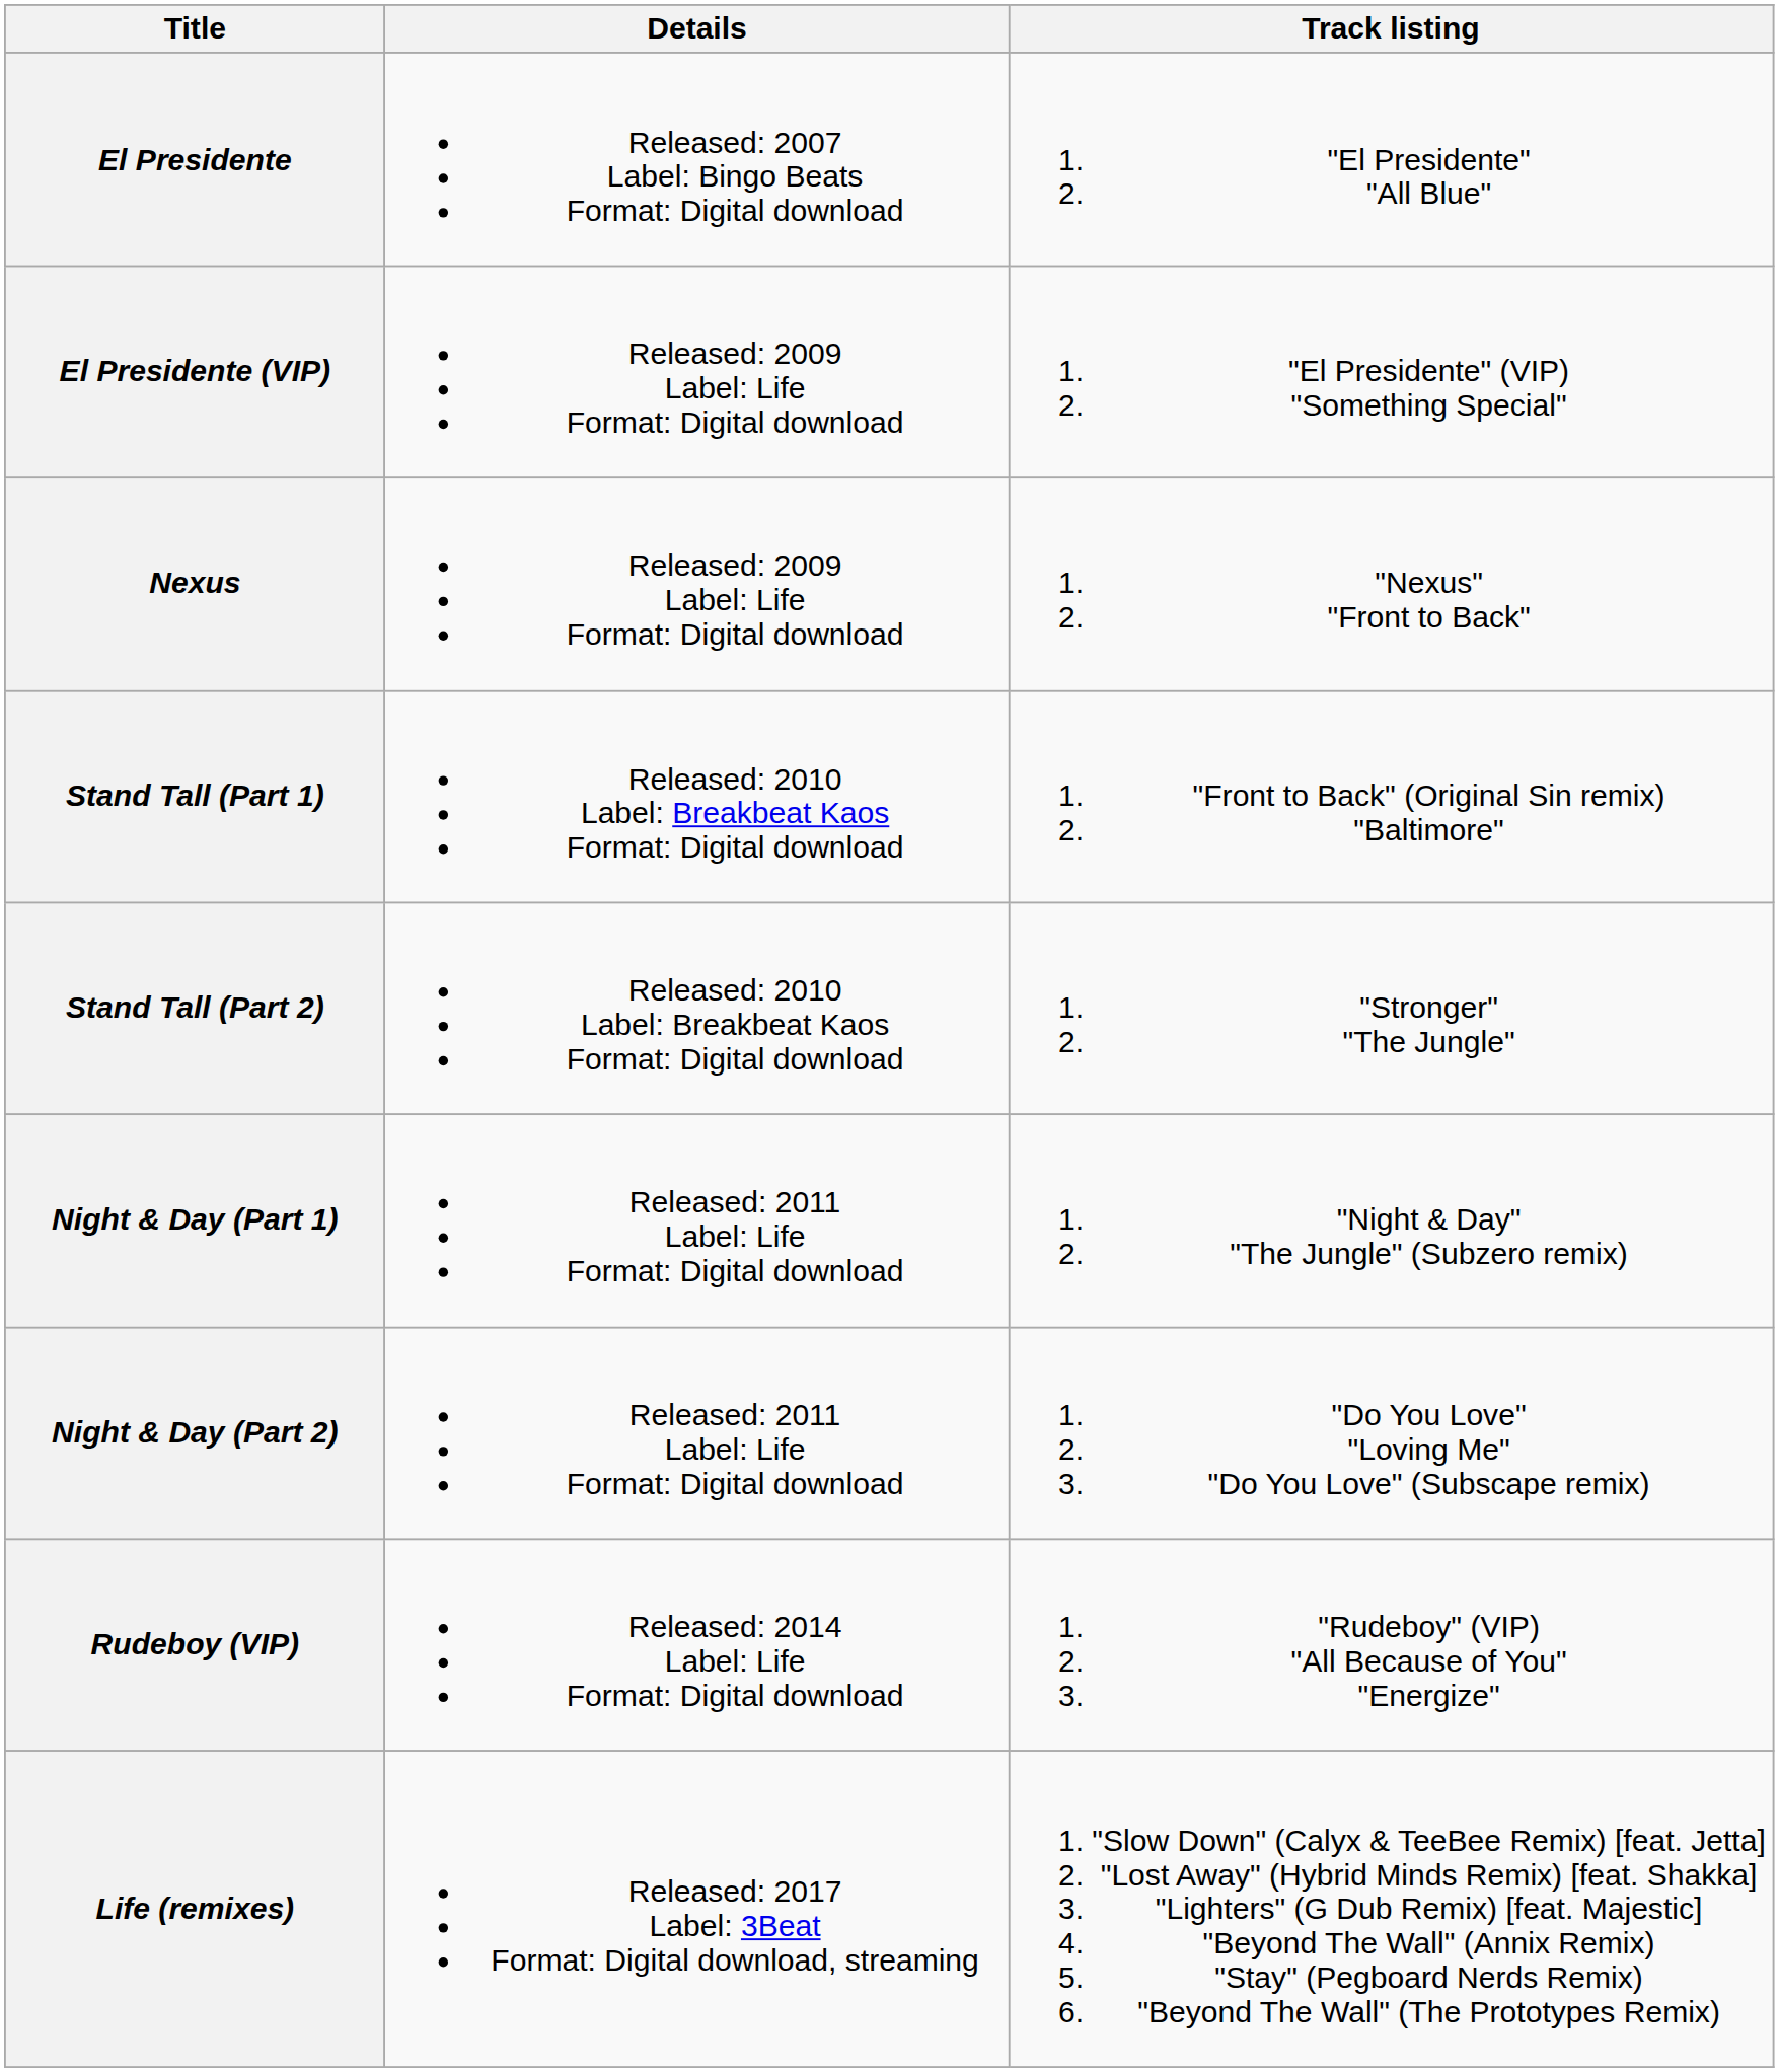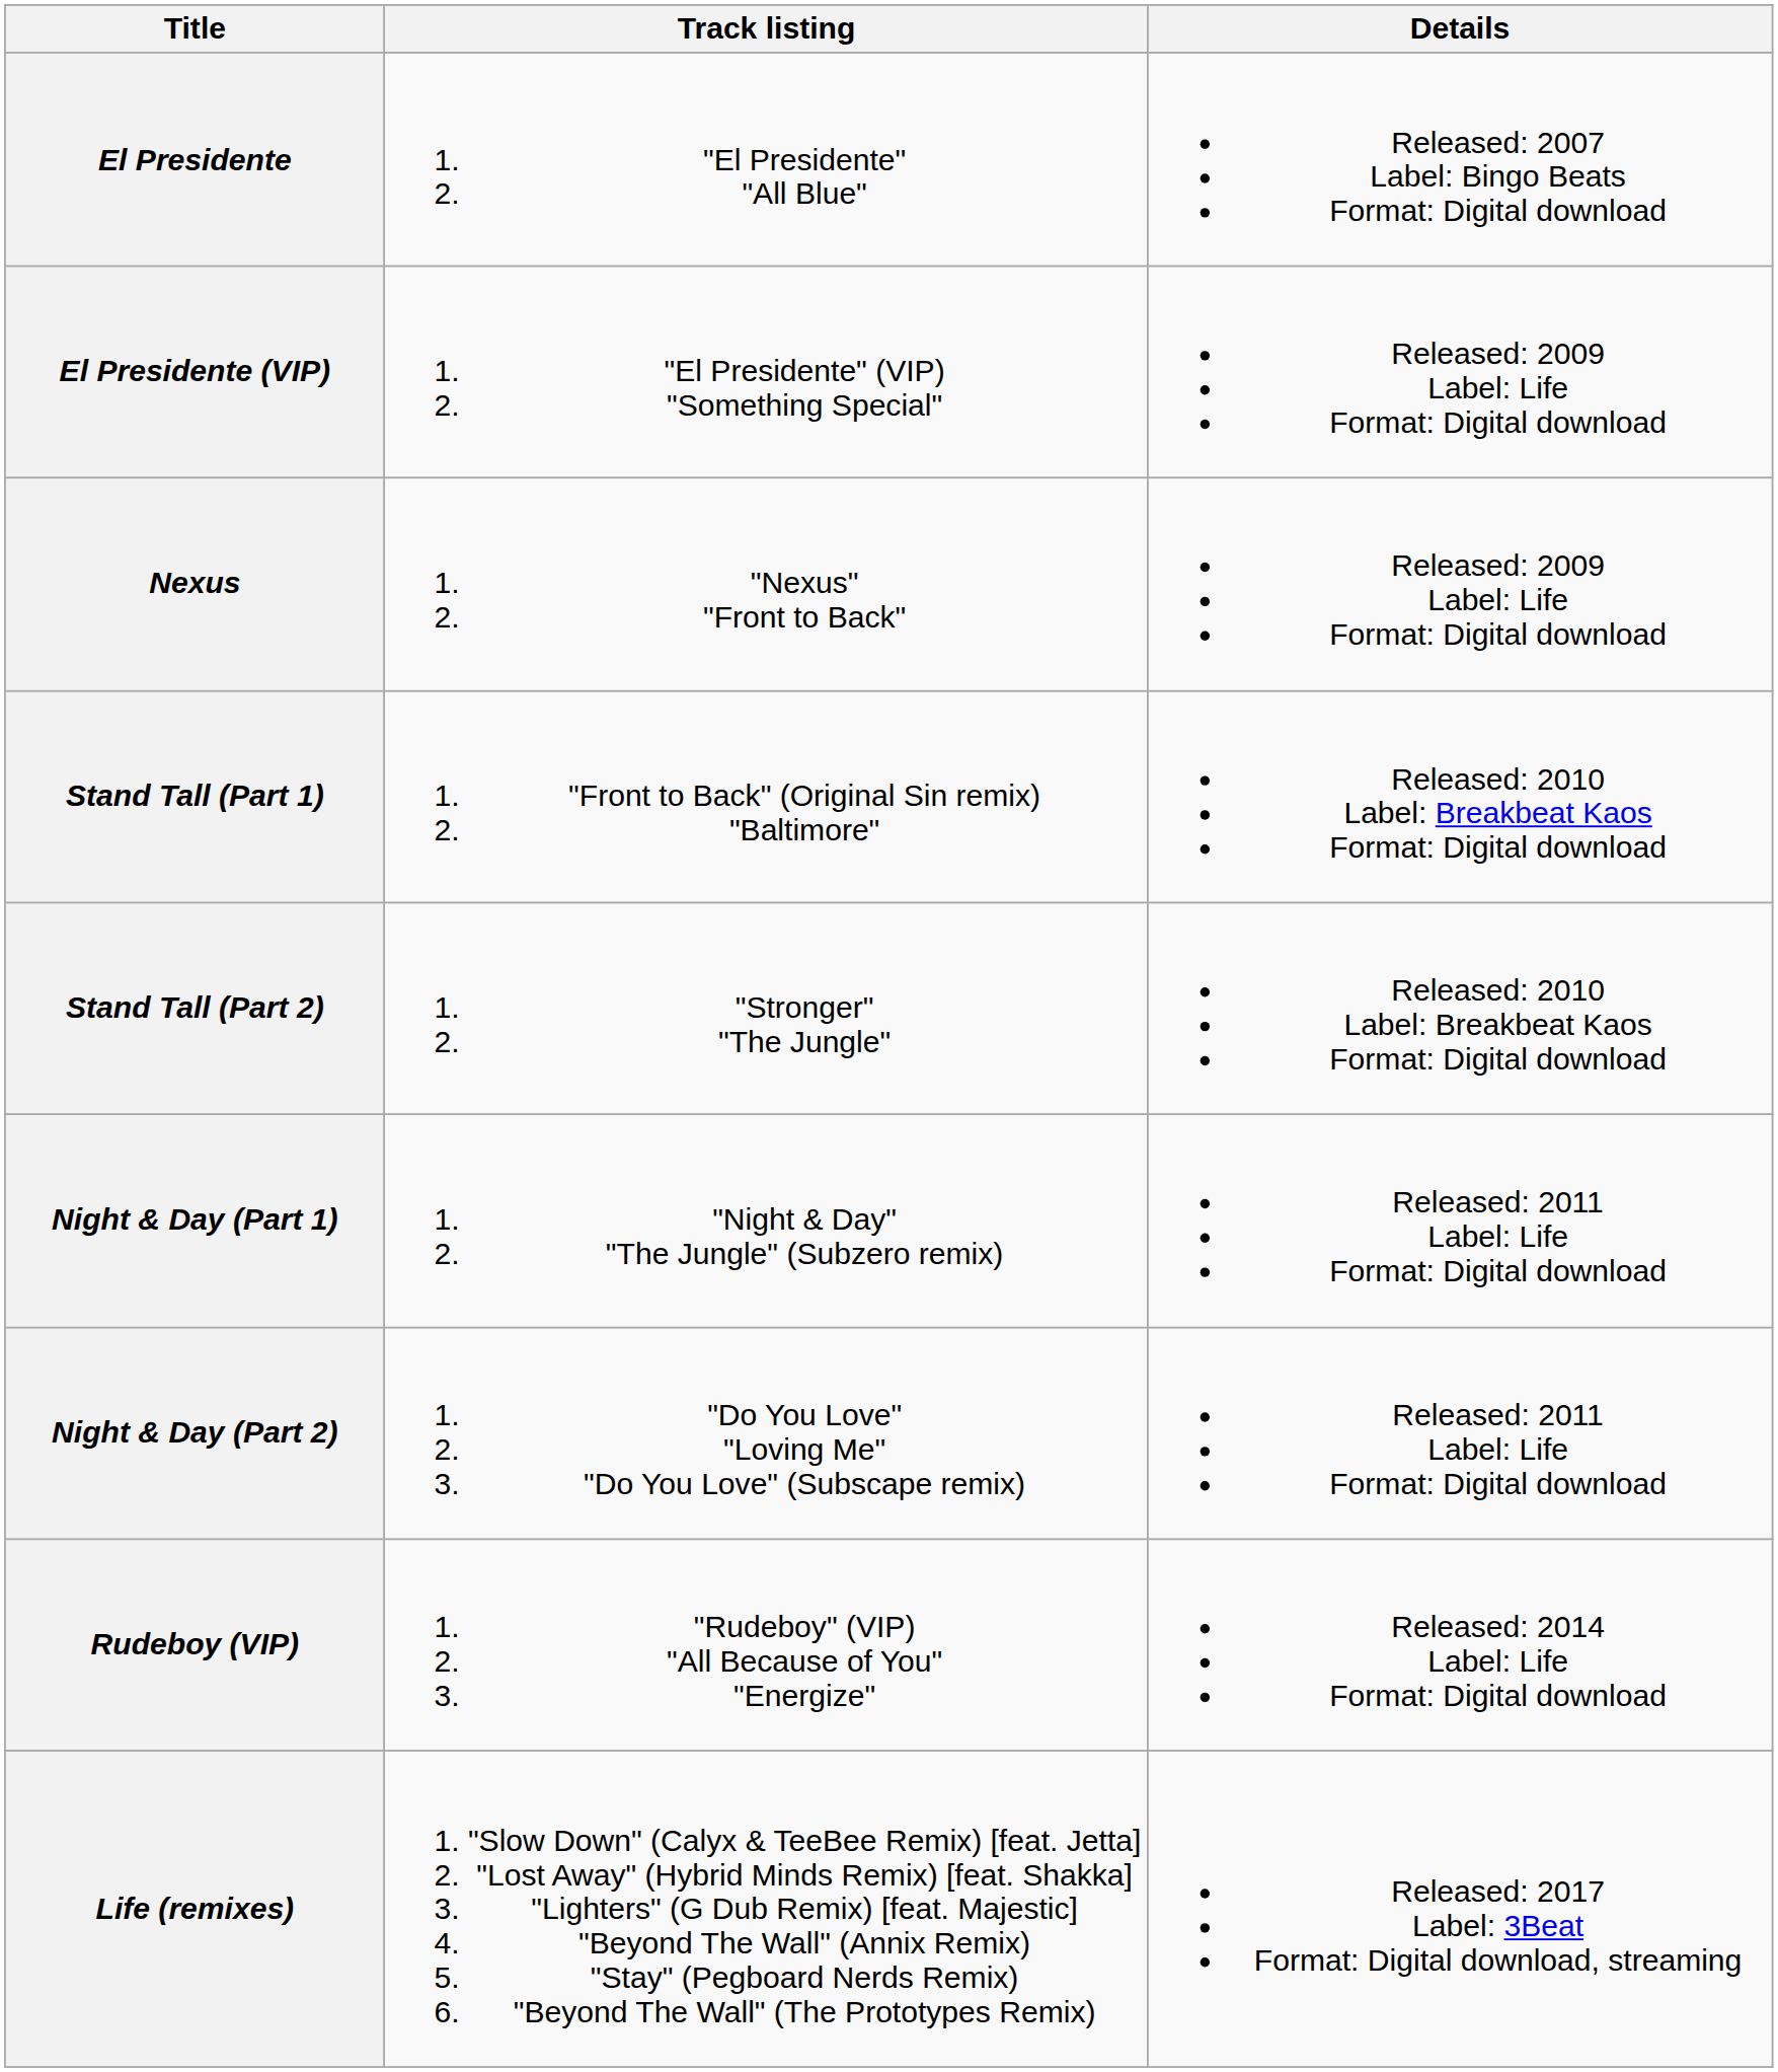 <table class="wikitable plainrowheaders" style="text-align:center;">
 <tr>
 <th scope="col" style="width:12em;">Title</th>
+<th scope="col">Track listing</th>
 <th scope="col" style="width:20em;">Details</th>
-<th scope="col">Track listing</th>
 </tr>
 <tr>
 <th scope="row"><em>El Presidente</em></th>
+<td><br><ol><li>"El Presidente"</li><li>"All Blue"</li></ol></td>
 <td><br><ul><li>Released: 2007</li><li>Label: Bingo Beats</li><li>Format: Digital download</li></ul></td>
-<td><br><ol><li>"El Presidente"</li><li>"All Blue"</li></ol></td>
 </tr>
 <tr>
 <th scope="row"><em>El Presidente (VIP)</em></th>
+<td><br><ol><li>"El Presidente" (VIP)</li><li>"Something Special"</li></ol></td>
 <td><br><ul><li>Released: 2009</li><li>Label: Life</li><li>Format: Digital download</li></ul></td>
-<td><br><ol><li>"El Presidente" (VIP)</li><li>"Something Special"</li></ol></td>
 </tr>
 <tr>
 <th scope="row"><em>Nexus</em></th>
+<td><br><ol><li>"Nexus"</li><li>"Front to Back"</li></ol></td>
 <td><br><ul><li>Released: 2009</li><li>Label: Life</li><li>Format: Digital download</li></ul></td>
-<td><br><ol><li>"Nexus"</li><li>"Front to Back"</li></ol></td>
 </tr>
 <tr>
 <th scope="row"><em>Stand Tall (Part 1)</em></th>
+<td><br><ol><li>"Front to Back" (Original Sin remix)</li><li>"Baltimore"</li></ol></td>
 <td><br><ul><li>Released: 2010</li><li>Label: <a href='#'>Breakbeat Kaos</a></li><li>Format: Digital download</li></ul></td>
-<td><br><ol><li>"Front to Back" (Original Sin remix)</li><li>"Baltimore"</li></ol></td>
 </tr>
 <tr>
 <th scope="row"><em>Stand Tall (Part 2)</em></th>
+<td><br><ol><li>"Stronger"</li><li>"The Jungle"</li></ol></td>
 <td><br><ul><li>Released: 2010</li><li>Label: Breakbeat Kaos</li><li>Format: Digital download</li></ul></td>
-<td><br><ol><li>"Stronger"</li><li>"The Jungle"</li></ol></td>
 </tr>
 <tr>
 <th scope="row"><em>Night & Day (Part 1)</em></th>
+<td><br><ol><li>"Night & Day"</li><li>"The Jungle" (Subzero remix)</li></ol></td>
 <td><br><ul><li>Released: 2011</li><li>Label: Life</li><li>Format: Digital download</li></ul></td>
-<td><br><ol><li>"Night & Day"</li><li>"The Jungle" (Subzero remix)</li></ol></td>
 </tr>
 <tr>
 <th scope="row"><em>Night & Day (Part 2)</em></th>
+<td><br><ol><li>"Do You Love"</li><li>"Loving Me"</li><li>"Do You Love" (Subscape remix)</li></ol></td>
 <td><br><ul><li>Released: 2011</li><li>Label: Life</li><li>Format: Digital download</li></ul></td>
-<td><br><ol><li>"Do You Love"</li><li>"Loving Me"</li><li>"Do You Love" (Subscape remix)</li></ol></td>
 </tr>
 <tr>
 <th scope="row"><em>Rudeboy (VIP)</em></th>
+<td><br><ol><li>"Rudeboy" (VIP)</li><li>"All Because of You"</li><li>"Energize"</li></ol></td>
 <td><br><ul><li>Released: 2014</li><li>Label: Life</li><li>Format: Digital download</li></ul></td>
-<td><br><ol><li>"Rudeboy" (VIP)</li><li>"All Because of You"</li><li>"Energize"</li></ol></td>
 </tr>
 <tr>
 <th scope="row"><em>Life (remixes)</em></th>
+<td><br><ol><li>"Slow Down" (Calyx & TeeBee Remix) [feat. Jetta]</li><li>"Lost Away" (Hybrid Minds Remix) [feat. Shakka]</li><li>"Lighters" (G Dub Remix) [feat. Majestic]</li><li>"Beyond The Wall" (Annix Remix)</li><li>"Stay" (Pegboard Nerds Remix)</li><li>"Beyond The Wall" (The Prototypes Remix)</li></ol></td>
 <td><br><ul><li>Released: 2017</li><li>Label: <a href='#'>3Beat</a></li><li>Format: Digital download, streaming</li></ul></td>
-<td><br><ol><li>"Slow Down" (Calyx & TeeBee Remix) [feat. Jetta]</li><li>"Lost Away" (Hybrid Minds Remix) [feat. Shakka]</li><li>"Lighters" (G Dub Remix) [feat. Majestic]</li><li>"Beyond The Wall" (Annix Remix)</li><li>"Stay" (Pegboard Nerds Remix)</li><li>"Beyond The Wall" (The Prototypes Remix)</li></ol></td>
 </tr>
 </table>
